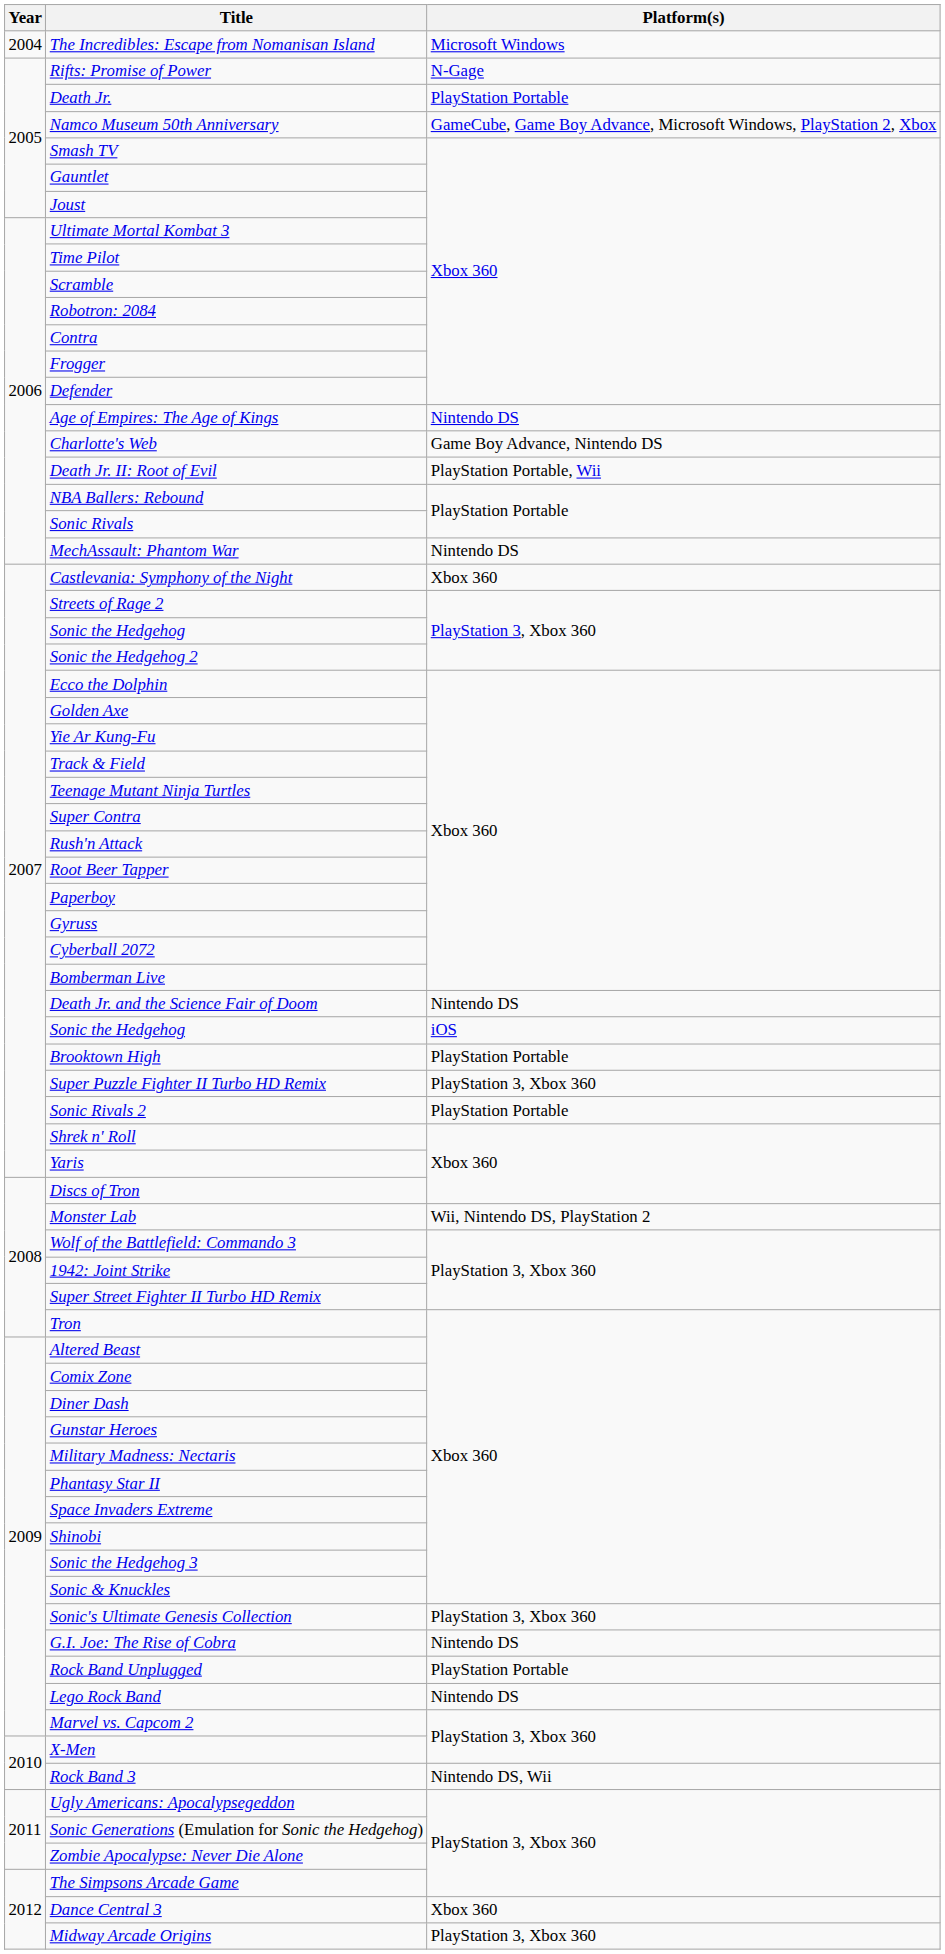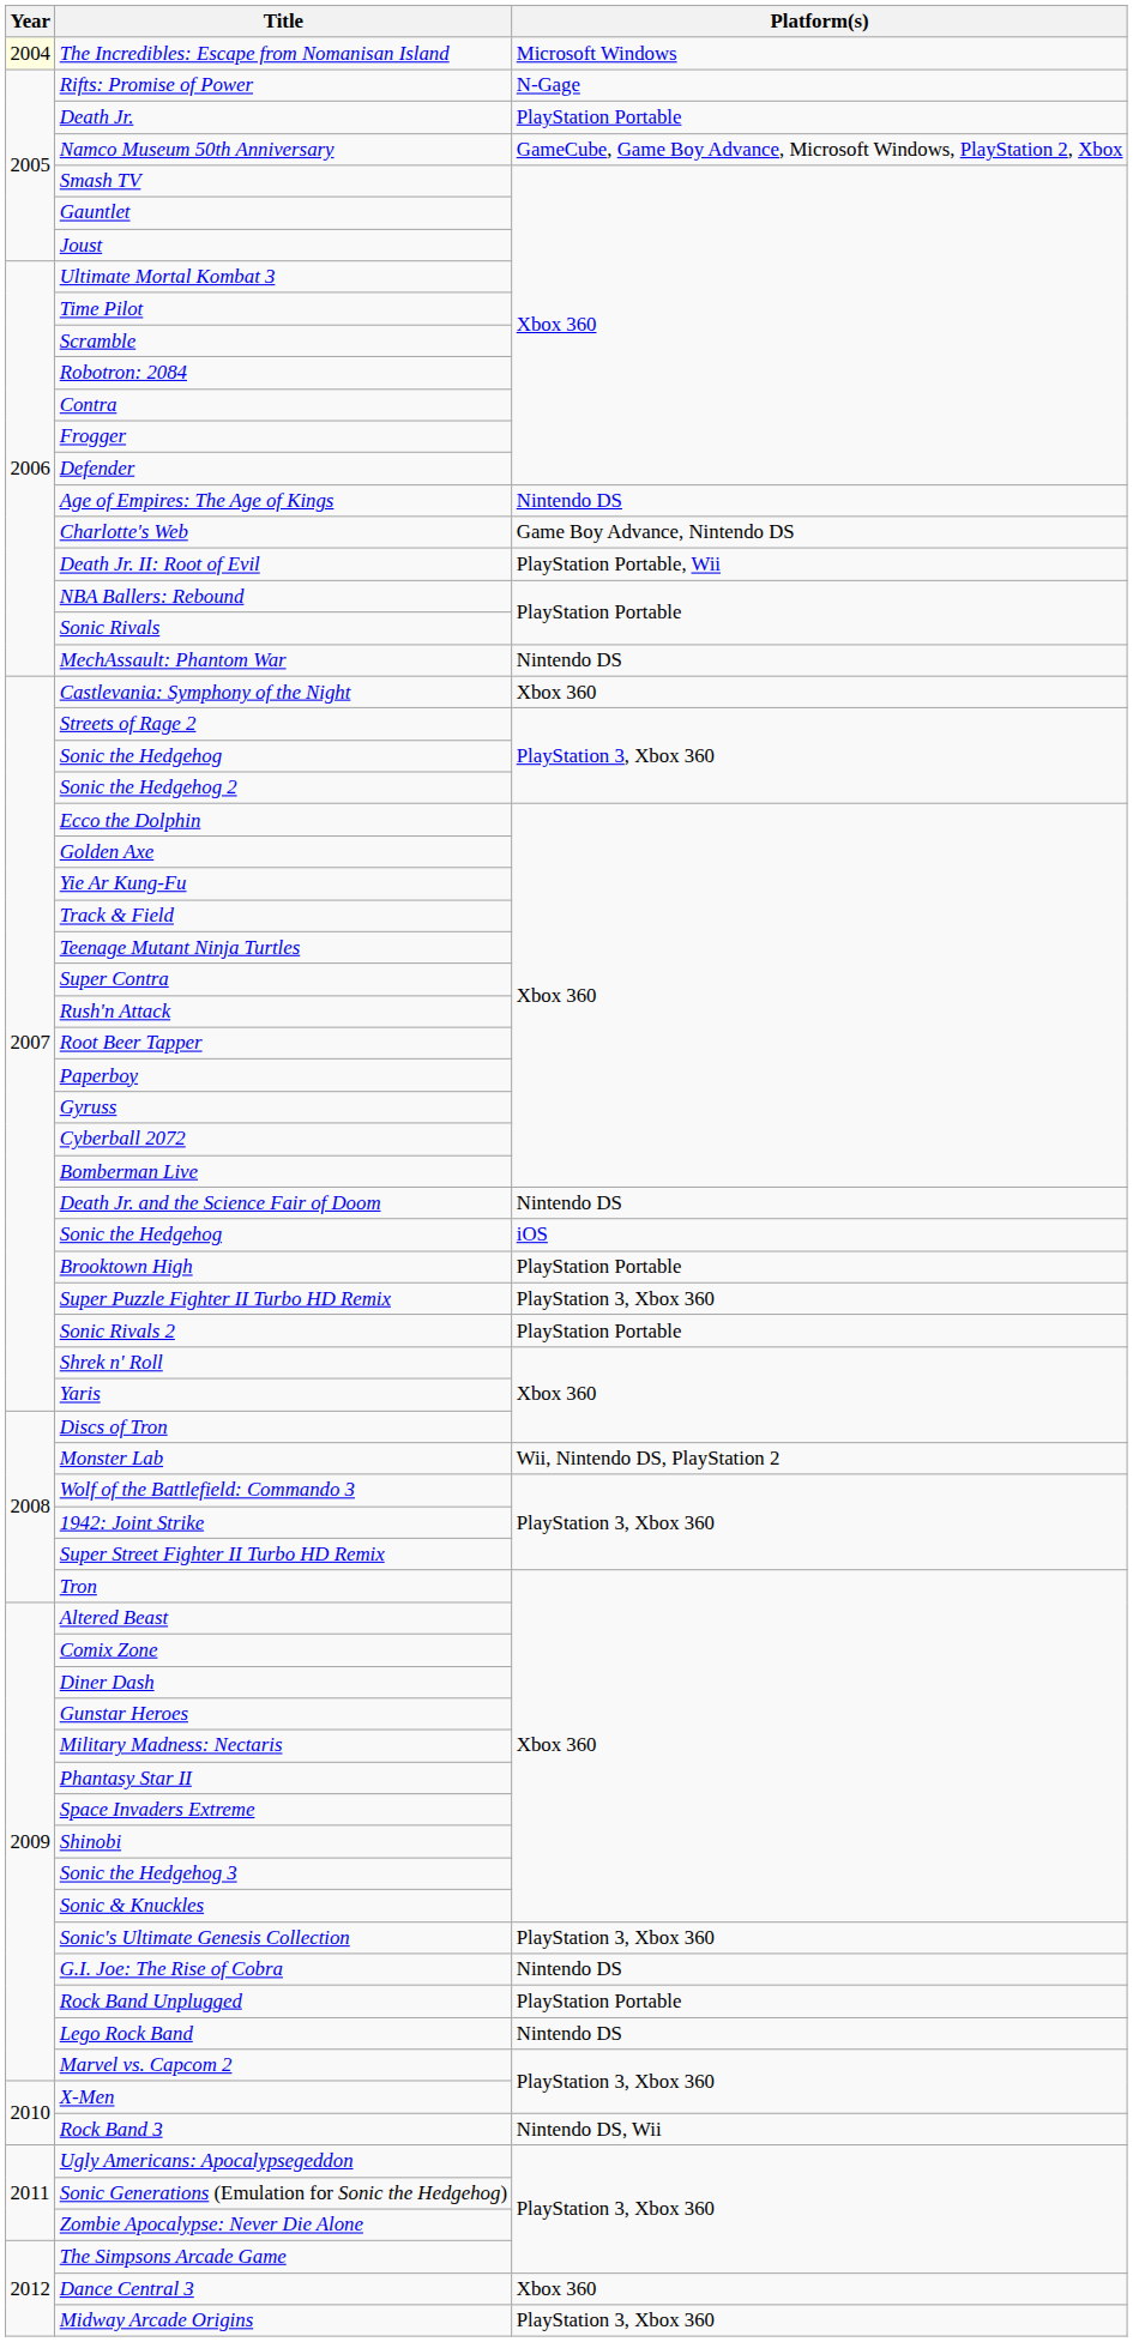 <table class="wikitable sortable">
 <tr>
 <th>Year</th>
 <th>Title</th>
 <th>Platform(s)</th>
 </tr>
 <tr>
-<td>2004</td>
+<td style="background: lightyellow;">2004</td>
 <td><em><a href='#'>The Incredibles: Escape from Nomanisan Island</a></em></td>
 <td><a href='#'>Microsoft Windows</a></td>
 </tr>
 <tr>
 <td rowspan="6">2005</td>
 <td><em><a href='#'>Rifts: Promise of Power</a></em></td>
 <td><a href='#'>N-Gage</a></td>
 </tr>
 <tr>
 <td><em><a href='#'>Death Jr.</a></em></td>
 <td><a href='#'>PlayStation Portable</a></td>
 </tr>
 <tr>
 <td><em><a href='#'>Namco Museum 50th Anniversary</a></em></td>
 <td><a href='#'>GameCube</a>, <a href='#'>Game Boy Advance</a>, Microsoft Windows, <a href='#'>PlayStation 2</a>, <a href='#'>Xbox</a></td>
 </tr>
 <tr>
 <td><em><a href='#'>Smash TV</a></em></td>
 <td rowspan="10"><a href='#'>Xbox 360</a></td>
 </tr>
 <tr>
 <td><em><a href='#'>Gauntlet</a></em></td>
 </tr>
 <tr>
 <td><em><a href='#'>Joust</a></em></td>
 </tr>
 <tr>
 <td rowspan="13">2006</td>
 <td><em><a href='#'>Ultimate Mortal Kombat 3</a></em></td>
 </tr>
 <tr>
 <td><em><a href='#'>Time Pilot</a></em></td>
 </tr>
 <tr>
 <td><em><a href='#'>Scramble</a></em></td>
 </tr>
 <tr>
 <td><em><a href='#'>Robotron: 2084</a></em></td>
 </tr>
 <tr>
 <td><em><a href='#'>Contra</a></em></td>
 </tr>
 <tr>
 <td><em><a href='#'>Frogger</a></em></td>
 </tr>
 <tr>
 <td><em><a href='#'>Defender</a></em></td>
 </tr>
 <tr>
 <td><em><a href='#'>Age of Empires: The Age of Kings</a></em></td>
 <td><a href='#'>Nintendo DS</a></td>
 </tr>
 <tr>
 <td><em><a href='#'>Charlotte's Web</a></em></td>
 <td>Game Boy Advance, Nintendo DS</td>
 </tr>
 <tr>
 <td><em><a href='#'>Death Jr. II: Root of Evil</a></em></td>
 <td>PlayStation Portable, <a href='#'>Wii</a></td>
 </tr>
 <tr>
 <td><em><a href='#'>NBA Ballers: Rebound</a></em></td>
 <td rowspan="2">PlayStation Portable</td>
 </tr>
 <tr>
 <td><em><a href='#'>Sonic Rivals</a></em></td>
 </tr>
 <tr>
 <td><em><a href='#'>MechAssault: Phantom War</a></em></td>
 <td>Nintendo DS</td>
 </tr>
 <tr>
 <td rowspan="23">2007</td>
 <td><em><a href='#'>Castlevania: Symphony of the Night</a></em></td>
 <td>Xbox 360</td>
 </tr>
 <tr>
 <td><em><a href='#'>Streets of Rage 2</a></em></td>
 <td rowspan="3"><a href='#'>PlayStation 3</a>, Xbox 360</td>
 </tr>
 <tr>
 <td><em><a href='#'>Sonic the Hedgehog</a></em></td>
 </tr>
 <tr>
 <td><em><a href='#'>Sonic the Hedgehog 2</a></em></td>
 </tr>
 <tr>
 <td><em><a href='#'>Ecco the Dolphin</a></em></td>
 <td rowspan="12">Xbox 360</td>
 </tr>
 <tr>
 <td><em><a href='#'>Golden Axe</a></em></td>
 </tr>
 <tr>
 <td><em><a href='#'>Yie Ar Kung-Fu</a></em></td>
 </tr>
 <tr>
 <td><em><a href='#'>Track & Field</a></em></td>
 </tr>
 <tr>
 <td><em><a href='#'>Teenage Mutant Ninja Turtles</a></em></td>
 </tr>
 <tr>
 <td><em><a href='#'>Super Contra</a></em></td>
 </tr>
 <tr>
 <td><em><a href='#'>Rush'n Attack</a></em></td>
 </tr>
 <tr>
 <td><em><a href='#'>Root Beer Tapper</a></em></td>
 </tr>
 <tr>
 <td><em><a href='#'>Paperboy</a></em></td>
 </tr>
 <tr>
 <td><em><a href='#'>Gyruss</a></em></td>
 </tr>
 <tr>
 <td><em><a href='#'>Cyberball 2072</a></em></td>
 </tr>
 <tr>
 <td><em><a href='#'>Bomberman Live</a></em></td>
 </tr>
 <tr>
 <td><em><a href='#'>Death Jr. and the Science Fair of Doom</a></em></td>
 <td>Nintendo DS</td>
 </tr>
 <tr>
 <td><em><a href='#'>Sonic the Hedgehog</a></em></td>
 <td><a href='#'>iOS</a></td>
 </tr>
 <tr>
 <td><em><a href='#'>Brooktown High</a></em></td>
 <td>PlayStation Portable</td>
 </tr>
 <tr>
 <td><em><a href='#'>Super Puzzle Fighter II Turbo HD Remix</a></em></td>
 <td>PlayStation 3, Xbox 360</td>
 </tr>
 <tr>
 <td><em><a href='#'>Sonic Rivals 2</a></em></td>
 <td>PlayStation Portable</td>
 </tr>
 <tr>
 <td><em><a href='#'>Shrek n' Roll</a></em></td>
 <td rowspan="3">Xbox 360</td>
 </tr>
 <tr>
 <td><em><a href='#'>Yaris</a></em></td>
 </tr>
 <tr>
 <td rowspan="6">2008</td>
 <td><em><a href='#'>Discs of Tron</a></em></td>
 </tr>
 <tr>
 <td><em><a href='#'>Monster Lab</a></em></td>
 <td>Wii, Nintendo DS, PlayStation 2</td>
 </tr>
 <tr>
 <td><em><a href='#'>Wolf of the Battlefield: Commando 3</a></em></td>
 <td rowspan="3">PlayStation 3, Xbox 360</td>
 </tr>
 <tr>
 <td><em><a href='#'>1942: Joint Strike</a></em></td>
 </tr>
 <tr>
 <td><em><a href='#'>Super Street Fighter II Turbo HD Remix</a></em></td>
 </tr>
 <tr>
 <td><em><a href='#'>Tron</a></em></td>
 <td rowspan="11">Xbox 360</td>
 </tr>
 <tr>
 <td rowspan="15">2009</td>
 <td><em><a href='#'>Altered Beast</a></em></td>
 </tr>
 <tr>
 <td><em><a href='#'>Comix Zone</a></em></td>
 </tr>
 <tr>
 <td><em><a href='#'>Diner Dash</a></em></td>
 </tr>
 <tr>
 <td><em><a href='#'>Gunstar Heroes</a></em></td>
 </tr>
 <tr>
 <td><em><a href='#'>Military Madness: Nectaris</a></em></td>
 </tr>
 <tr>
 <td><em><a href='#'>Phantasy Star II</a></em></td>
 </tr>
 <tr>
 <td><em><a href='#'>Space Invaders Extreme</a></em></td>
 </tr>
 <tr>
 <td><em><a href='#'>Shinobi</a></em></td>
 </tr>
 <tr>
 <td><em><a href='#'>Sonic the Hedgehog 3</a></em></td>
 </tr>
 <tr>
 <td><em><a href='#'>Sonic & Knuckles</a></em></td>
 </tr>
 <tr>
 <td><em><a href='#'>Sonic's Ultimate Genesis Collection</a></em></td>
 <td>PlayStation 3, Xbox 360</td>
 </tr>
 <tr>
 <td><em><a href='#'>G.I. Joe: The Rise of Cobra</a></em></td>
 <td>Nintendo DS</td>
 </tr>
 <tr>
 <td><em><a href='#'>Rock Band Unplugged</a></em></td>
 <td>PlayStation Portable</td>
 </tr>
 <tr>
 <td><em><a href='#'>Lego Rock Band</a></em></td>
 <td>Nintendo DS</td>
 </tr>
 <tr>
 <td><em><a href='#'>Marvel vs. Capcom 2</a></em></td>
 <td rowspan="2">PlayStation 3, Xbox 360</td>
 </tr>
 <tr>
 <td rowspan="2">2010</td>
 <td><em><a href='#'>X-Men</a></em></td>
 </tr>
 <tr>
 <td><em><a href='#'>Rock Band 3</a></em></td>
 <td>Nintendo DS, Wii</td>
 </tr>
 <tr>
 <td rowspan="3">2011</td>
 <td><em><a href='#'>Ugly Americans: Apocalypsegeddon</a></em></td>
 <td rowspan="4">PlayStation 3, Xbox 360</td>
 </tr>
 <tr>
 <td><em><a href='#'>Sonic Generations</a></em> (Emulation for <em>Sonic the Hedgehog</em>)</td>
 </tr>
 <tr>
 <td><em><a href='#'>Zombie Apocalypse: Never Die Alone</a></em></td>
 </tr>
 <tr>
 <td rowspan="3">2012</td>
 <td><em><a href='#'>The Simpsons Arcade Game</a></em></td>
 </tr>
 <tr>
 <td><em><a href='#'>Dance Central 3</a></em></td>
 <td>Xbox 360</td>
 </tr>
 <tr>
 <td><em><a href='#'>Midway Arcade Origins</a></em></td>
 <td>PlayStation 3, Xbox 360</td>
 </tr>
 </table>
